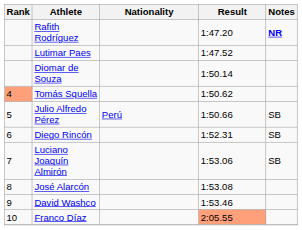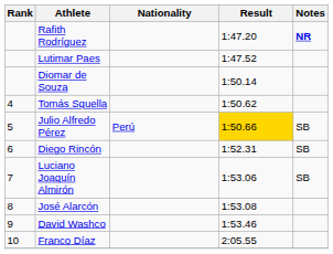 <table class="wikitable" style="font-size:95%" style="width:35em;" style="text-align:center">
 <tr>
 <th>Rank</th>
 <th width=100>Athlete</th>
 <th width=150>Nationality</th>
 <th width=100>Result</th>
 <th>Notes</th>
 </tr>
 <tr>
 <td></td>
 <td align=left><a href='#'>Rafith Rodríguez</a></td>
 <td align=left></td>
 <td>1:47.20</td>
 <td><a href='#'><strong>NR</strong></a></td>
 </tr>
 <tr>
 <td></td>
 <td align=left><a href='#'>Lutimar Paes</a></td>
 <td align=left></td>
 <td>1:47.52</td>
 <td></td>
 </tr>
 <tr>
 <td></td>
 <td align=left><a href='#'>Diomar de Souza</a></td>
 <td align=left></td>
 <td>1:50.14</td>
 <td></td>
 </tr>
 <tr>
-<td style="background: lightsalmon;">4</td>
+<td>4</td>
 <td align=left><a href='#'>Tomás Squella</a></td>
 <td align=left></td>
 <td>1:50.62</td>
 <td></td>
 </tr>
 <tr>
 <td>5</td>
 <td align=left><a href='#'>Julio Alfredo Pérez</a></td>
 <td align=left> <a href='#'>Perú</a></td>
-<td>1:50.66</td>
+<td style="background: gold;">1:50.66</td>
 <td>SB</td>
 </tr>
 <tr>
 <td>6</td>
 <td align=left><a href='#'>Diego Rincón</a></td>
 <td align=left></td>
 <td>1:52.31</td>
 <td>SB</td>
 </tr>
 <tr>
 <td>7</td>
 <td align=left><a href='#'>Luciano Joaquín Almirón</a></td>
 <td align=left></td>
 <td>1:53.06</td>
 <td>SB</td>
 </tr>
 <tr>
 <td>8</td>
 <td align=left><a href='#'>José Alarcón</a></td>
 <td align=left></td>
 <td>1:53.08</td>
 <td></td>
 </tr>
 <tr>
 <td>9</td>
 <td align=left><a href='#'>David Washco</a></td>
 <td align=left></td>
 <td>1:53.46</td>
 <td></td>
 </tr>
 <tr>
 <td>10</td>
 <td align=left><a href='#'>Franco Díaz</a></td>
 <td align=left></td>
-<td style="background: lightsalmon;">2:05.55</td>
+<td>2:05.55</td>
 <td></td>
 </tr>
 <tr>
 </tr>
 </table>
